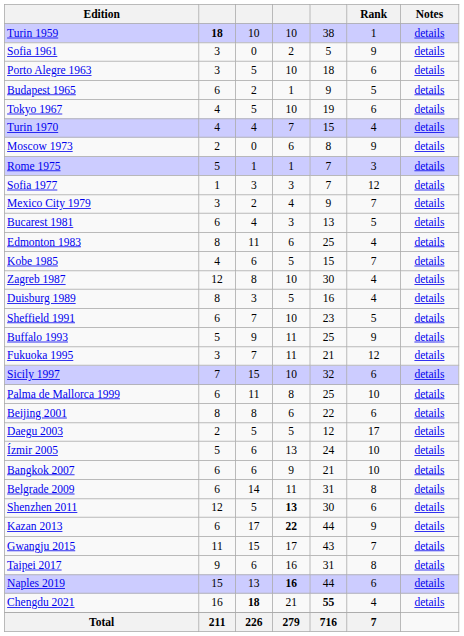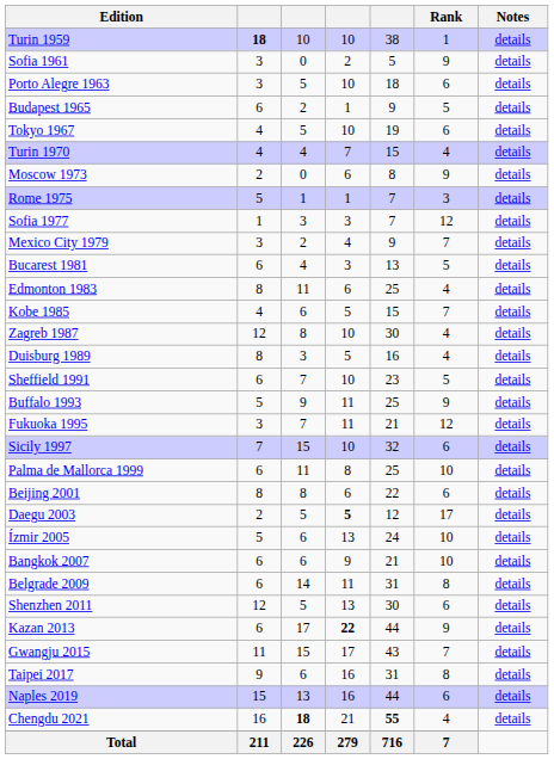 <table class="wikitable sortable" width=45% style="font-size:90%; text-align:center;">
 <tr>
 <th>Edition</th>
 <th></th>
 <th></th>
 <th></th>
 <th></th>
 <th>Rank</th>
 <th>Notes</th>
 </tr>
 <tr bgcolor=ccccff>
 <td align=left> <a href='#'>Turin 1959</a></td>
 <td><strong>18</strong></td>
 <td>10</td>
 <td>10</td>
 <td>38</td>
 <td>1</td>
 <td><a href='#'>details</a></td>
 </tr>
 <tr>
 <td align=left> <a href='#'>Sofia 1961</a></td>
 <td>3</td>
 <td>0</td>
 <td>2</td>
 <td>5</td>
 <td>9</td>
 <td><a href='#'>details</a></td>
 </tr>
 <tr>
 <td align=left> <a href='#'>Porto Alegre 1963</a></td>
 <td>3</td>
 <td>5</td>
 <td>10</td>
 <td>18</td>
 <td>6</td>
 <td><a href='#'>details</a></td>
 </tr>
 <tr>
 <td align=left> <a href='#'>Budapest 1965</a></td>
 <td>6</td>
 <td>2</td>
 <td>1</td>
 <td>9</td>
 <td>5</td>
 <td><a href='#'>details</a></td>
 </tr>
 <tr>
 <td align=left> <a href='#'>Tokyo 1967</a></td>
 <td>4</td>
 <td>5</td>
 <td>10</td>
 <td>19</td>
 <td>6</td>
 <td><a href='#'>details</a></td>
 </tr>
 <tr bgcolor=ccccff>
 <td align=left> <a href='#'>Turin 1970</a></td>
 <td>4</td>
 <td>4</td>
 <td>7</td>
 <td>15</td>
 <td>4</td>
 <td><a href='#'>details</a></td>
 </tr>
 <tr>
 <td align=left> <a href='#'>Moscow 1973</a></td>
 <td>2</td>
 <td>0</td>
 <td>6</td>
 <td>8</td>
 <td>9</td>
 <td><a href='#'>details</a></td>
 </tr>
 <tr bgcolor=ccccff>
 <td align=left> <a href='#'>Rome 1975</a></td>
 <td>5</td>
 <td>1</td>
 <td>1</td>
 <td>7</td>
 <td>3</td>
 <td><a href='#'>details</a></td>
 </tr>
 <tr>
 <td align=left> <a href='#'>Sofia 1977</a></td>
 <td>1</td>
 <td>3</td>
 <td>3</td>
 <td>7</td>
 <td>12</td>
 <td><a href='#'>details</a></td>
 </tr>
 <tr>
 <td align=left> <a href='#'>Mexico City 1979</a></td>
 <td>3</td>
 <td>2</td>
 <td>4</td>
 <td>9</td>
 <td>7</td>
 <td><a href='#'>details</a></td>
 </tr>
 <tr>
 <td align=left> <a href='#'>Bucarest 1981</a></td>
 <td>6</td>
 <td>4</td>
 <td>3</td>
 <td>13</td>
 <td>5</td>
 <td><a href='#'>details</a></td>
 </tr>
 <tr>
 <td align=left> <a href='#'>Edmonton 1983</a></td>
 <td>8</td>
 <td>11</td>
 <td>6</td>
 <td>25</td>
 <td>4</td>
 <td><a href='#'>details</a></td>
 </tr>
 <tr>
 <td align=left> <a href='#'>Kobe 1985</a></td>
 <td>4</td>
 <td>6</td>
 <td>5</td>
 <td>15</td>
 <td>7</td>
 <td><a href='#'>details</a></td>
 </tr>
 <tr>
 <td align=left> <a href='#'>Zagreb 1987</a></td>
 <td>12</td>
 <td>8</td>
 <td>10</td>
 <td>30</td>
 <td>4</td>
 <td><a href='#'>details</a></td>
 </tr>
 <tr>
 <td align=left> <a href='#'>Duisburg 1989</a></td>
 <td>8</td>
 <td>3</td>
 <td>5</td>
 <td>16</td>
 <td>4</td>
 <td><a href='#'>details</a></td>
 </tr>
 <tr>
 <td align=left> <a href='#'>Sheffield 1991</a></td>
 <td>6</td>
 <td>7</td>
 <td>10</td>
 <td>23</td>
 <td>5</td>
 <td><a href='#'>details</a></td>
 </tr>
 <tr>
 <td align=left> <a href='#'>Buffalo 1993</a></td>
 <td>5</td>
 <td>9</td>
 <td>11</td>
 <td>25</td>
 <td>9</td>
 <td><a href='#'>details</a></td>
 </tr>
 <tr>
 <td align=left> <a href='#'>Fukuoka 1995</a></td>
 <td>3</td>
 <td>7</td>
 <td>11</td>
 <td>21</td>
 <td>12</td>
 <td><a href='#'>details</a></td>
 </tr>
 <tr bgcolor=ccccff>
 <td align=left> <a href='#'>Sicily 1997</a></td>
 <td>7</td>
 <td>15</td>
 <td>10</td>
 <td>32</td>
 <td>6</td>
 <td><a href='#'>details</a></td>
 </tr>
 <tr>
 <td align=left> <a href='#'>Palma de Mallorca 1999</a></td>
 <td>6</td>
 <td>11</td>
 <td>8</td>
 <td>25</td>
 <td>10</td>
 <td><a href='#'>details</a></td>
 </tr>
 <tr>
 <td align=left> <a href='#'>Beijing 2001</a></td>
 <td>8</td>
 <td>8</td>
 <td>6</td>
 <td>22</td>
 <td>6</td>
 <td><a href='#'>details</a></td>
 </tr>
 <tr>
 <td align=left> <a href='#'>Daegu 2003</a></td>
 <td>2</td>
 <td>5</td>
-<td>5</td>
+<td><strong>5</strong></td>
 <td>12</td>
 <td>17</td>
 <td><a href='#'>details</a></td>
 </tr>
 <tr>
 <td align=left> <a href='#'>Ízmir 2005</a></td>
 <td>5</td>
 <td>6</td>
 <td>13</td>
 <td>24</td>
 <td>10</td>
 <td><a href='#'>details</a></td>
 </tr>
 <tr>
 <td align=left> <a href='#'>Bangkok 2007</a></td>
 <td>6</td>
 <td>6</td>
 <td>9</td>
 <td>21</td>
 <td>10</td>
 <td><a href='#'>details</a></td>
 </tr>
 <tr>
 <td align=left> <a href='#'>Belgrade 2009</a></td>
 <td>6</td>
 <td>14</td>
 <td>11</td>
 <td>31</td>
 <td>8</td>
 <td><a href='#'>details</a></td>
 </tr>
 <tr>
 <td align=left> <a href='#'>Shenzhen 2011</a></td>
 <td>12</td>
 <td>5</td>
-<td><strong>13</strong></td>
+<td>13</td>
 <td>30</td>
 <td>6</td>
 <td><a href='#'>details</a></td>
 </tr>
 <tr>
 <td align=left> <a href='#'>Kazan 2013</a></td>
 <td>6</td>
 <td>17</td>
 <td><strong>22</strong></td>
 <td>44</td>
 <td>9</td>
 <td><a href='#'>details</a></td>
 </tr>
 <tr>
 <td align=left> <a href='#'>Gwangju 2015</a></td>
 <td>11</td>
 <td>15</td>
 <td>17</td>
 <td>43</td>
 <td>7</td>
 <td><a href='#'>details</a></td>
 </tr>
 <tr>
 <td align=left> <a href='#'>Taipei 2017</a></td>
 <td>9</td>
 <td>6</td>
 <td>16</td>
 <td>31</td>
 <td>8</td>
 <td><a href='#'>details</a></td>
 </tr>
 <tr bgcolor=ccccff>
 <td align=left> <a href='#'>Naples 2019</a></td>
 <td>15</td>
 <td>13</td>
-<td><strong>16</strong></td>
+<td>16</td>
 <td>44</td>
 <td>6</td>
 <td><a href='#'>details</a></td>
 </tr>
 <tr>
 <td align=left> <a href='#'>Chengdu 2021</a></td>
 <td>16</td>
 <td><strong>18</strong></td>
 <td>21</td>
 <td><strong>55</strong></td>
 <td>4</td>
 <td><a href='#'>details</a></td>
 </tr>
 <tr>
 </tr>
 <tr>
 <th align-right>Total</th>
 <th>211</th>
 <th>226</th>
 <th>279</th>
 <th>716</th>
 <th>7</th>
 </tr>
 </table>
